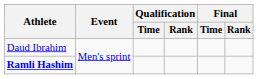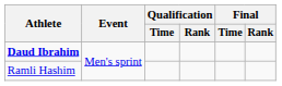 <table class="wikitable" style="font-size:90%;">
 <tr>
 <th rowspan=2>Athlete</th>
 <th rowspan=2>Event</th>
 <th colspan=2>Qualification</th>
 <th colspan=2>Final</th>
 </tr>
 <tr style="font-size:95%">
 <th>Time</th>
 <th>Rank</th>
 <th>Time</th>
 <th>Rank</th>
 </tr>
 <tr align=center>
-<td align=left><a href='#'>Daud Ibrahim</a></td>
+<td align=left><strong><a href='#'>Daud Ibrahim</a></strong></td>
 <td align=left rowspan=2><a href='#'>Men's sprint</a></td>
 <td></td>
 <td></td>
 <td></td>
 <td></td>
 </tr>
 <tr align=center>
-<td align=left><strong><a href='#'>Ramli Hashim</a></strong></td>
+<td align=left><a href='#'>Ramli Hashim</a></td>
 <td></td>
 <td></td>
 <td></td>
 <td></td>
 </tr>
 </table>
